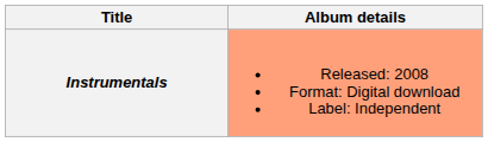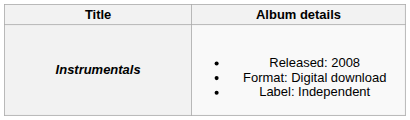 <table class="wikitable plainrowheaders" style="text-align:center;">
 <tr>
 <th scope="col" style="width:14em;">Title</th>
 <th scope="col" style="width:16em;">Album details</th>
 </tr>
 <tr>
 <th scope="row"><em>Instrumentals</em></th>
-<td style="background: lightsalmon;"><br><ul><li>Released: 2008</li><li>Format: Digital download</li><li>Label: Independent</li></ul></td>
+<td><br><ul><li>Released: 2008</li><li>Format: Digital download</li><li>Label: Independent</li></ul></td>
 </tr>
 </table>
